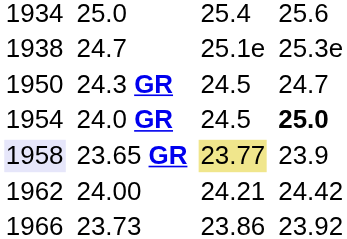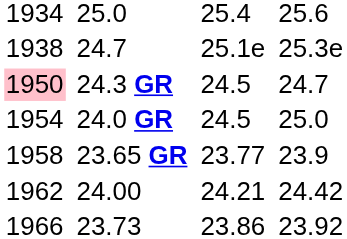 <table>
 <tr>
 <td>1934</td>
 <td></td>
 <td>25.0</td>
 <td></td>
 <td>25.4</td>
 <td></td>
 <td>25.6</td>
 </tr>
 <tr>
 <td>1938</td>
 <td></td>
 <td>24.7</td>
 <td></td>
 <td>25.1e</td>
 <td></td>
 <td>25.3e</td>
 </tr>
 <tr>
-<td>1950</td>
+<td style="background: pink;">1950</td>
 <td></td>
 <td>24.3 <strong><a href='#'>GR</a></strong></td>
 <td></td>
 <td>24.5</td>
 <td></td>
 <td>24.7</td>
 </tr>
 <tr>
 <td>1954</td>
 <td></td>
 <td>24.0 <strong><a href='#'>GR</a></strong></td>
 <td></td>
 <td>24.5</td>
 <td></td>
-<td><strong>25.0</strong></td>
+<td>25.0</td>
 </tr>
 <tr>
-<td style="background: lavender;">1958</td>
+<td>1958</td>
 <td></td>
 <td>23.65 <strong><a href='#'>GR</a></strong></td>
 <td></td>
-<td style="background: khaki;">23.77</td>
+<td>23.77</td>
 <td></td>
 <td>23.9</td>
 </tr>
 <tr>
 <td>1962</td>
 <td></td>
 <td>24.00</td>
 <td></td>
 <td>24.21</td>
 <td></td>
 <td>24.42</td>
 </tr>
 <tr>
 <td>1966</td>
 <td></td>
 <td>23.73</td>
 <td></td>
 <td>23.86</td>
 <td></td>
 <td>23.92</td>
 </tr>
 </table>
